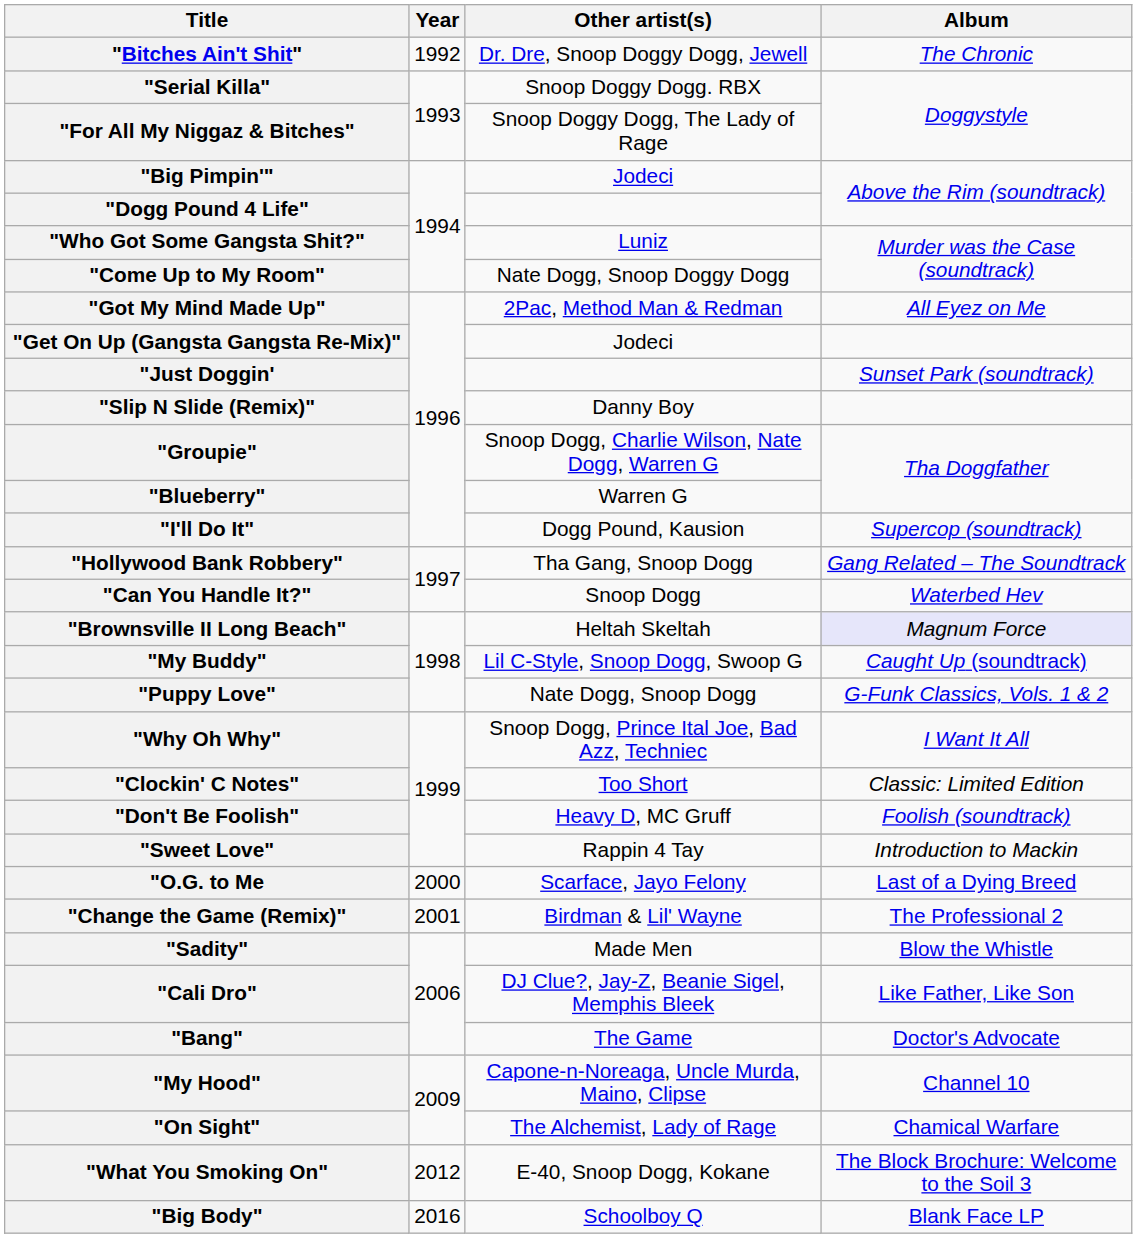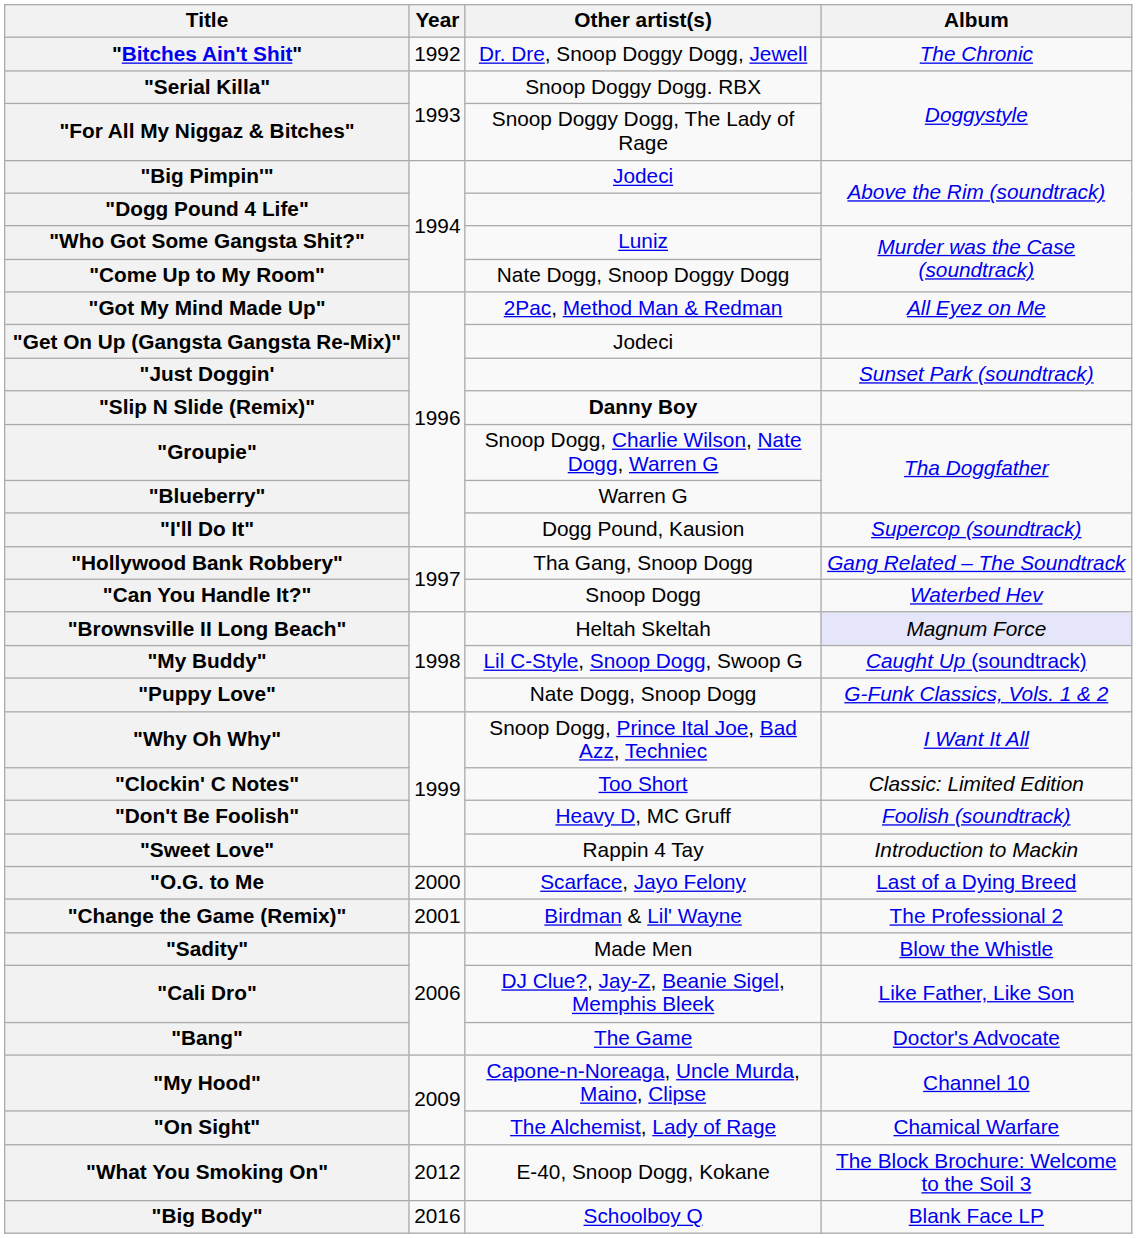 <table class="wikitable plainrowheaders" style="text-align:center;">
 <tr>
 <th scope="col" style="width:19em;">Title</th>
 <th scope="col">Year</th>
 <th scope="col">Other artist(s)</th>
 <th scope="col">Album</th>
 </tr>
 <tr>
 <th>"<a href='#'>Bitches Ain't Shit</a>"</th>
 <td>1992</td>
 <td><a href='#'>Dr. Dre</a>, Snoop Doggy Dogg, <a href='#'>Jewell</a></td>
 <td><em><a href='#'>The Chronic</a></em></td>
 </tr>
 <tr>
 <th>"Serial Killa"</th>
 <td rowspan="2">1993</td>
 <td>Snoop Doggy Dogg. RBX</td>
 <td rowspan="2"><em><a href='#'>Doggystyle</a></em></td>
 </tr>
 <tr>
 <th>"For All My Niggaz & Bitches"</th>
 <td>Snoop Doggy Dogg, The Lady of Rage</td>
 </tr>
 <tr>
 <th>"Big Pimpin'"</th>
 <td rowspan="4">1994</td>
 <td><a href='#'>Jodeci</a></td>
 <td rowspan="2"><em><a href='#'>Above the Rim (soundtrack)</a></em></td>
 </tr>
 <tr>
 <th>"Dogg Pound 4 Life"</th>
 <td></td>
 </tr>
 <tr>
 <th scope="row">"Who Got Some Gangsta Shit?"</th>
 <td><a href='#'>Luniz</a></td>
 <td rowspan="2"><em><a href='#'>Murder was the Case (soundtrack)</a></em></td>
 </tr>
 <tr>
 <th scope="row">"Come Up to My Room"</th>
 <td>Nate Dogg, Snoop Doggy Dogg</td>
 </tr>
 <tr>
 <th scope="row">"Got My Mind Made Up"</th>
 <td rowspan="7">1996</td>
 <td><a href='#'>2Pac</a>, <a href='#'>Method Man & Redman</a></td>
 <td><em><a href='#'>All Eyez on Me</a></em></td>
 </tr>
 <tr>
 <th>"Get On Up (Gangsta Gangsta Re-Mix)"</th>
 <td>Jodeci</td>
 <td></td>
 </tr>
 <tr>
 <th>"Just Doggin'</th>
 <td></td>
 <td><em><a href='#'>Sunset Park (soundtrack)</a></em></td>
 </tr>
 <tr>
 <th>"Slip N Slide (Remix)"</th>
-<td>Danny Boy</td>
+<td><strong>Danny Boy</strong></td>
 <td></td>
 </tr>
 <tr>
 <th scope="row">"Groupie"</th>
 <td>Snoop Dogg, <a href='#'>Charlie Wilson</a>, <a href='#'>Nate Dogg</a>, <a href='#'>Warren G</a></td>
 <td rowspan="2"><em><a href='#'>Tha Doggfather</a></em></td>
 </tr>
 <tr>
 <th scope="row">"Blueberry"</th>
 <td>Warren G</td>
 </tr>
 <tr>
 <th>"I'll Do It"</th>
 <td>Dogg Pound, Kausion</td>
 <td><em><a href='#'>Supercop (soundtrack)</a></em></td>
 </tr>
 <tr>
 <th>"Hollywood Bank Robbery"</th>
 <td rowspan="2">1997</td>
 <td>Tha Gang, Snoop Dogg</td>
 <td><em><a href='#'>Gang Related – The Soundtrack</a></em></td>
 </tr>
 <tr>
 <th>"Can You Handle It?"</th>
 <td>Snoop Dogg</td>
 <td><em><a href='#'>Waterbed Hev</a></em></td>
 </tr>
 <tr>
 <th>"Brownsville II Long Beach"</th>
 <td rowspan="3">1998</td>
 <td>Heltah Skeltah</td>
 <td style="background: lavender;"><em>Magnum Force</em></td>
 </tr>
 <tr>
 <th scope="row">"My Buddy"</th>
 <td><a href='#'>Lil C-Style</a>, <a href='#'>Snoop Dogg</a>, Swoop G</td>
 <td><a href='#'><em>Caught Up</em> (soundtrack)</a></td>
 </tr>
 <tr>
 <th>"Puppy Love"</th>
 <td>Nate Dogg, Snoop Dogg</td>
 <td><em><a href='#'>G-Funk Classics, Vols. 1 & 2</a></em></td>
 </tr>
 <tr>
 <th scope="row">"Why Oh Why"</th>
 <td rowspan="4">1999</td>
 <td>Snoop Dogg, <a href='#'>Prince Ital Joe</a>, <a href='#'>Bad Azz</a>, <a href='#'>Techniec</a></td>
 <td><em><a href='#'>I Want It All</a></em></td>
 </tr>
 <tr>
 <th>"Clockin' C Notes"</th>
 <td><a href='#'>Too Short</a></td>
 <td><em>Classic: Limited Edition</em></td>
 </tr>
 <tr>
 <th>"Don't Be Foolish"</th>
 <td><a href='#'>Heavy D</a>, MC Gruff</td>
 <td><em><a href='#'>Foolish (soundtrack)</a></em></td>
 </tr>
 <tr>
 <th>"Sweet Love"</th>
 <td>Rappin 4 Tay</td>
 <td><em>Introduction to Mackin<strong></td>
 </tr>
 <tr>
 <th scope="row">"O.G. to Me</th>
 <td rowspan="1">2000</td>
 <td><a href='#'>Scarface</a>, <a href='#'>Jayo Felony</a></td>
 <td></em><a href='#'>Last of a Dying Breed</a><em></td>
 </tr>
 <tr>
 <th scope="row">"Change the Game (Remix)"</th>
 <td rowspan="1">2001</td>
 <td><a href='#'>Birdman</a> & <a href='#'>Lil' Wayne</a></td>
 <td></em><a href='#'>The Professional 2</a><em></td>
 </tr>
 <tr>
 <th scope="row">"Sadity"</th>
 <td rowspan="3">2006</td>
 <td>Made Men</td>
 <td></em><a href='#'>Blow the Whistle</a><em></td>
 </tr>
 <tr>
 <th scope="row">"Cali Dro"</th>
 <td><a href='#'>DJ Clue?</a>, <a href='#'>Jay-Z</a>, <a href='#'>Beanie Sigel</a>, <a href='#'>Memphis Bleek</a></td>
 <td></em><a href='#'>Like Father, Like Son</a><em></td>
 </tr>
 <tr>
 <th scope="row">"Bang"</th>
 <td><a href='#'>The Game</a></td>
 <td></em><a href='#'>Doctor's Advocate</a><em></td>
 </tr>
 <tr>
 <th scope="row">"My Hood"</th>
 <td rowspan="2">2009</td>
 <td><a href='#'>Capone-n-Noreaga</a>, <a href='#'>Uncle Murda</a>, <a href='#'>Maino</a>, <a href='#'>Clipse</a></td>
 <td></em><a href='#'>Channel 10</a><em></td>
 </tr>
 <tr>
 <th scope="row">"On Sight"</th>
 <td><a href='#'>The Alchemist</a>, <a href='#'>Lady of Rage</a></td>
 <td></em><a href='#'>Chamical Warfare</a><em></td>
 </tr>
 <tr>
 <th>"What You Smoking On"</th>
 <td>2012</td>
 <td>E-40, Snoop Dogg, Kokane</td>
 <td></em><a href='#'>The Block Brochure: Welcome to the Soil 3</a><em></td>
 </tr>
 <tr>
 <th scope="row">"Big Body"</th>
 <td rowspan="2">2016</td>
 <td><a href='#'>Schoolboy Q</a></td>
 <td></em><a href='#'>Blank Face LP</a><em></td>
 </tr>
 </table>
